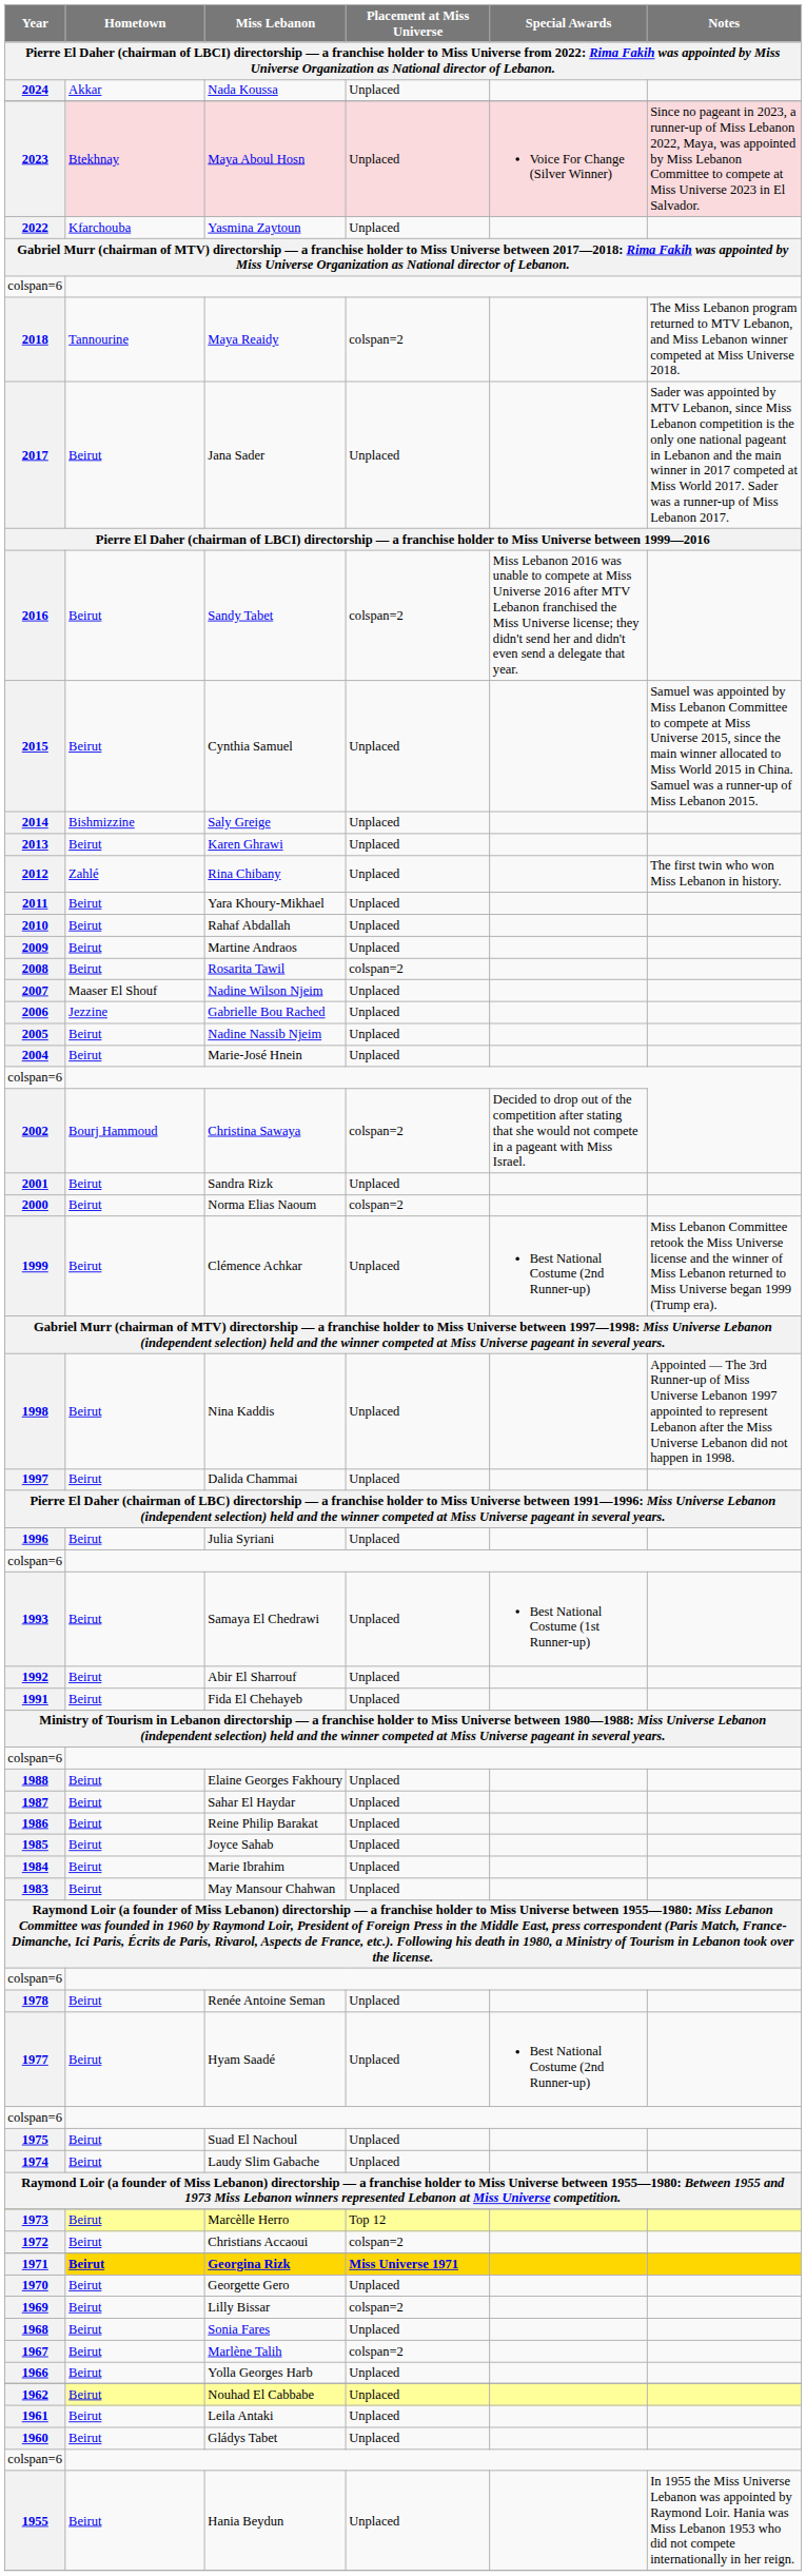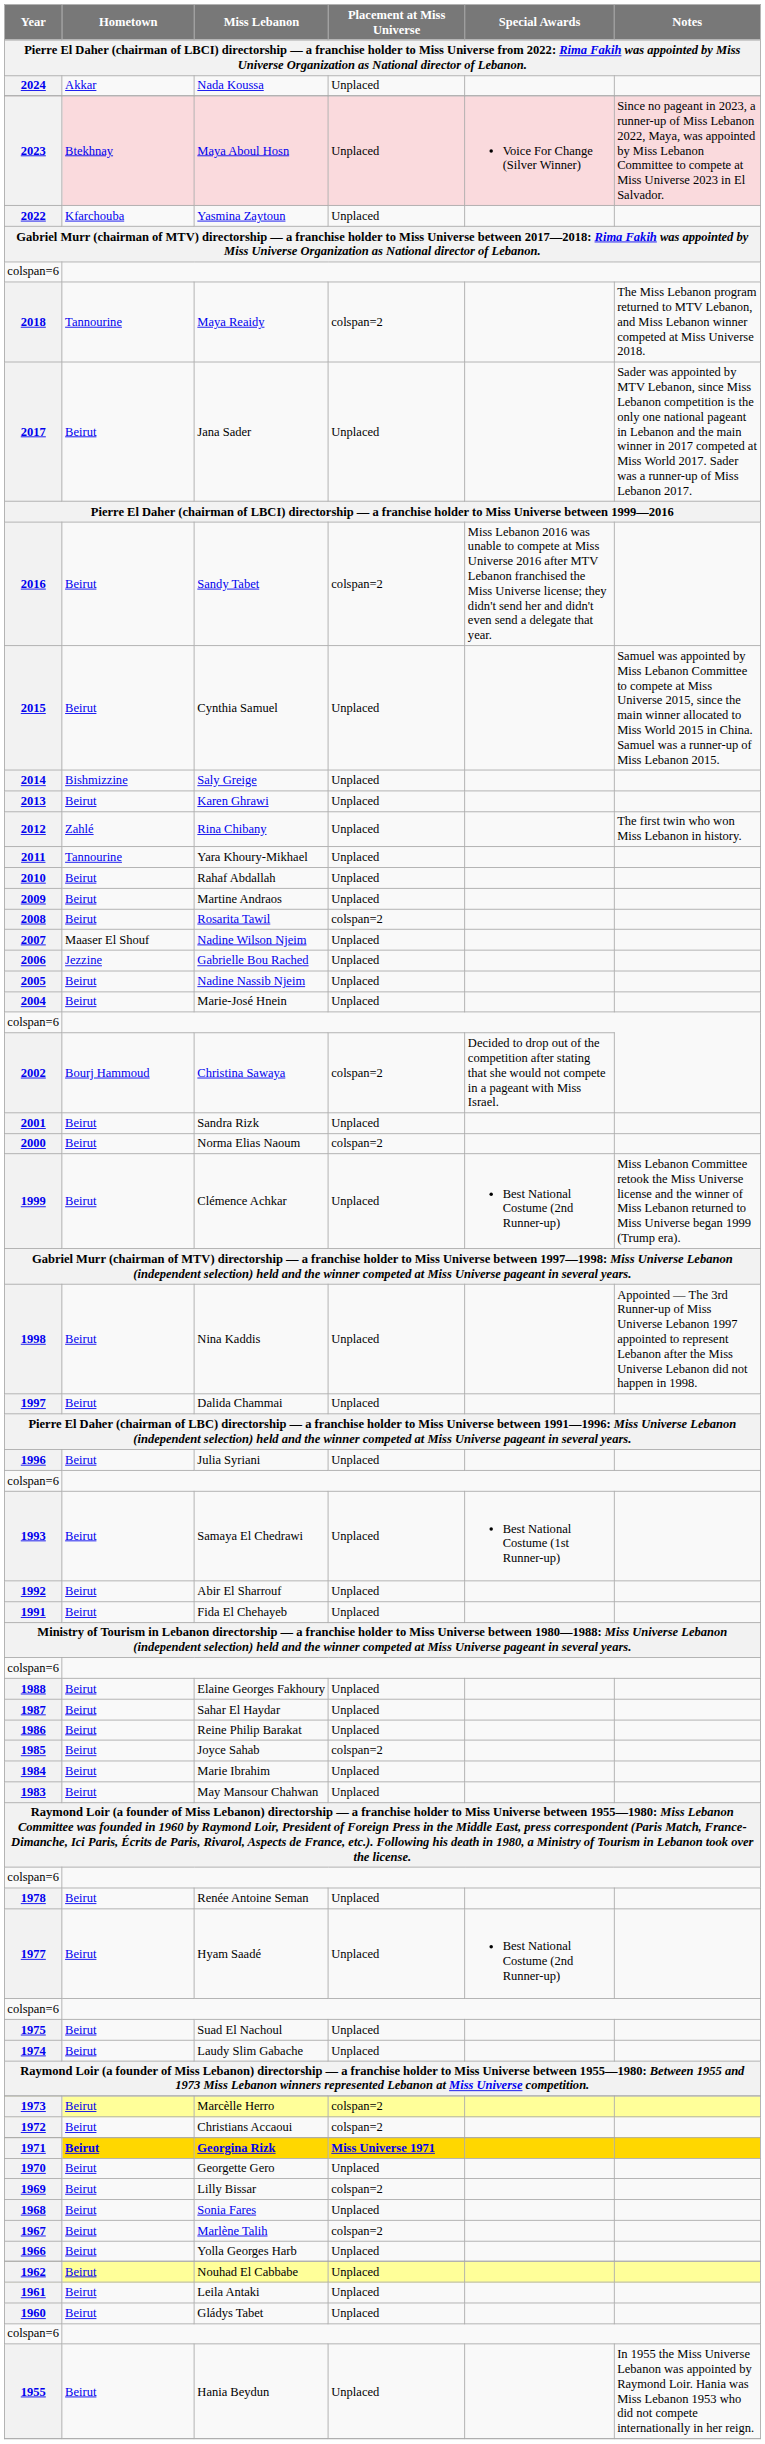 <table class="wikitable " style="font-size: 90%;">
 <tr>
 <th width="60" style="background-color:#787878;color:#FFFFFF;">Year</th>
 <th width="230" style="background-color:#787878;color:#FFFFFF;">Hometown</th>
 <th width="250" style="background-color:#787878;color:#FFFFFF;">Miss Lebanon</th>
 <th width="250" style="background-color:#787878;color:#FFFFFF;">Placement at Miss Universe</th>
 <th width="250" style="background-color:#787878;color:#FFFFFF;">Special Awards</th>
 <th width="250" style="background-color:#787878;color:#FFFFFF;">Notes</th>
 </tr>
 <tr>
 <th colspan="6">Pierre El Daher (chairman of LBCI) directorship — a franchise holder to Miss Universe from 2022: <em><a href='#'>Rima Fakih</a> was appointed by Miss Universe Organization as National director of Lebanon.</em></th>
 </tr>
 <tr>
 <th><a href='#'>2024</a></th>
 <td><a href='#'>Akkar</a></td>
 <td><a href='#'>Nada Koussa</a></td>
 <td>Unplaced</td>
 <td></td>
 <td></td>
 </tr>
 <tr>
 </tr>
 <tr style="background-color:#FADADD; ">
 <th><a href='#'>2023</a></th>
 <td><a href='#'>Btekhnay</a></td>
 <td><a href='#'>Maya Aboul Hosn</a></td>
 <td>Unplaced</td>
 <td align="left"><br><ul><li>Voice For Change (Silver Winner)</li></ul></td>
 <td>Since no pageant in 2023, a runner-up of Miss Lebanon 2022, Maya, was appointed by Miss Lebanon Committee to compete at Miss Universe 2023 in El Salvador.</td>
 </tr>
 <tr>
 <th><a href='#'>2022</a></th>
 <td><a href='#'>Kfarchouba</a></td>
 <td><a href='#'>Yasmina Zaytoun</a></td>
 <td>Unplaced</td>
 <td></td>
 <td></td>
 </tr>
 <tr>
 <th colspan="6">Gabriel Murr (chairman of MTV) directorship — a franchise holder to Miss Universe between 2017―2018: <em><a href='#'>Rima Fakih</a> was appointed by Miss Universe Organization as National director of Lebanon.</em></th>
 </tr>
 <tr>
 <td>colspan=6 </td>
 </tr>
 <tr>
 <th><a href='#'>2018</a></th>
 <td><a href='#'>Tannourine</a></td>
 <td><a href='#'>Maya Reaidy</a></td>
 <td>colspan=2 </td>
 <td></td>
 <td>The Miss Lebanon program returned to MTV Lebanon, and Miss Lebanon winner competed at Miss Universe 2018.</td>
 </tr>
 <tr>
 <th><a href='#'>2017</a></th>
 <td><a href='#'>Beirut</a></td>
 <td>Jana Sader</td>
 <td>Unplaced</td>
 <td></td>
 <td>Sader was appointed by MTV Lebanon, since Miss Lebanon competition is the only one national pageant in Lebanon and the main winner in 2017 competed at Miss World 2017. Sader was a runner-up of Miss Lebanon 2017.</td>
 </tr>
 <tr>
 <th colspan="6">Pierre El Daher (chairman of LBCI) directorship — a franchise holder to Miss Universe between 1999―2016</th>
 </tr>
 <tr>
 <th><a href='#'>2016</a></th>
 <td><a href='#'>Beirut</a></td>
 <td><a href='#'>Sandy Tabet</a></td>
 <td>colspan=2 </td>
 <td>Miss Lebanon 2016 was unable to compete at Miss Universe 2016 after MTV Lebanon franchised the Miss Universe license; they didn't send her and didn't even send a delegate that year.</td>
 </tr>
 <tr>
 <th><a href='#'>2015</a></th>
 <td><a href='#'>Beirut</a></td>
 <td>Cynthia Samuel</td>
 <td>Unplaced</td>
 <td></td>
 <td>Samuel was appointed by Miss Lebanon Committee to compete at Miss Universe 2015, since the main winner allocated to Miss World 2015 in China. Samuel was a runner-up of Miss Lebanon 2015.</td>
 </tr>
 <tr>
 <th><a href='#'>2014</a></th>
 <td><a href='#'>Bishmizzine</a></td>
 <td><a href='#'>Saly Greige</a></td>
 <td>Unplaced</td>
 <td></td>
 <td></td>
 </tr>
 <tr>
 <th><a href='#'>2013</a></th>
 <td><a href='#'>Beirut</a></td>
 <td><a href='#'>Karen Ghrawi</a></td>
 <td>Unplaced</td>
 <td></td>
 <td></td>
 </tr>
 <tr>
 <th><a href='#'>2012</a></th>
 <td><a href='#'>Zahlé</a></td>
 <td><a href='#'>Rina Chibany</a></td>
 <td>Unplaced</td>
 <td></td>
 <td>The first twin who won Miss Lebanon in history.</td>
 </tr>
 <tr>
 <th><a href='#'>2011</a></th>
-<td><a href='#'>Beirut</a></td>
+<td><a href='#'>Tannourine</a></td>
 <td>Yara Khoury-Mikhael</td>
 <td>Unplaced</td>
 <td></td>
 <td></td>
 </tr>
 <tr>
 <th><a href='#'>2010</a></th>
 <td><a href='#'>Beirut</a></td>
 <td>Rahaf Abdallah</td>
 <td>Unplaced</td>
 <td></td>
 <td></td>
 </tr>
 <tr>
 <th><a href='#'>2009</a></th>
 <td><a href='#'>Beirut</a></td>
 <td>Martine Andraos</td>
 <td>Unplaced</td>
 <td></td>
 <td></td>
 </tr>
 <tr>
 <th><a href='#'>2008</a></th>
 <td><a href='#'>Beirut</a></td>
 <td><a href='#'>Rosarita Tawil</a></td>
 <td>colspan=2 </td>
 <td></td>
 </tr>
 <tr>
 <th><a href='#'>2007</a></th>
 <td>Maaser El Shouf</td>
 <td><a href='#'>Nadine Wilson Njeim</a></td>
 <td>Unplaced</td>
 <td></td>
 <td></td>
 </tr>
 <tr>
 <th><a href='#'>2006</a></th>
 <td><a href='#'>Jezzine</a></td>
 <td><a href='#'>Gabrielle Bou Rached</a></td>
 <td>Unplaced</td>
 <td></td>
 <td></td>
 </tr>
 <tr>
 <th><a href='#'>2005</a></th>
 <td><a href='#'>Beirut</a></td>
 <td><a href='#'>Nadine Nassib Njeim</a></td>
 <td>Unplaced</td>
 <td></td>
 <td></td>
 </tr>
 <tr>
 <th><a href='#'>2004</a></th>
 <td><a href='#'>Beirut</a></td>
 <td>Marie-José Hnein</td>
 <td>Unplaced</td>
 <td></td>
 <td></td>
 </tr>
 <tr>
 <td>colspan=6 </td>
 </tr>
 <tr>
 <th><a href='#'>2002</a></th>
 <td><a href='#'>Bourj Hammoud</a></td>
 <td><a href='#'>Christina Sawaya</a></td>
 <td>colspan=2 </td>
 <td>Decided to drop out of the competition after stating that she would not compete in a pageant with Miss Israel.</td>
 </tr>
 <tr>
 <th><a href='#'>2001</a></th>
 <td><a href='#'>Beirut</a></td>
 <td>Sandra Rizk</td>
 <td>Unplaced</td>
 <td></td>
 <td></td>
 </tr>
 <tr>
 <th><a href='#'>2000</a></th>
 <td><a href='#'>Beirut</a></td>
 <td>Norma Elias Naoum</td>
 <td>colspan=2 </td>
 <td></td>
 <td></td>
 </tr>
 <tr>
 <th><a href='#'>1999</a></th>
 <td><a href='#'>Beirut</a></td>
 <td>Clémence Achkar</td>
 <td>Unplaced</td>
 <td align="left"><br><ul><li>Best National Costume (2nd Runner-up)</li></ul></td>
 <td>Miss Lebanon Committee retook the Miss Universe license and the winner of Miss Lebanon returned to Miss Universe began 1999 (Trump era).</td>
 </tr>
 <tr>
 <th colspan="6">Gabriel Murr (chairman of MTV) directorship — a franchise holder to Miss Universe between 1997―1998: <em>Miss Universe Lebanon (independent selection) held and the winner competed at Miss Universe pageant in several years.</em></th>
 </tr>
 <tr>
 <th><a href='#'>1998</a></th>
 <td><a href='#'>Beirut</a></td>
 <td>Nina Kaddis</td>
 <td>Unplaced</td>
 <td></td>
 <td>Appointed — The 3rd Runner-up of Miss Universe Lebanon 1997 appointed to represent Lebanon after the Miss Universe Lebanon did not happen in 1998.</td>
 </tr>
 <tr>
 <th><a href='#'>1997</a></th>
 <td><a href='#'>Beirut</a></td>
 <td>Dalida Chammai</td>
 <td>Unplaced</td>
 <td></td>
 <td></td>
 </tr>
 <tr>
 <th colspan="6">Pierre El Daher (chairman of LBC) directorship — a franchise holder to Miss Universe between 1991―1996: <em>Miss Universe Lebanon (independent selection) held and the winner competed at Miss Universe pageant in several years.</em></th>
 </tr>
 <tr>
 <th><a href='#'>1996</a></th>
 <td><a href='#'>Beirut</a></td>
 <td>Julia Syriani</td>
 <td>Unplaced</td>
 <td></td>
 <td></td>
 </tr>
 <tr>
 <td>colspan=6 </td>
 </tr>
 <tr>
 <th><a href='#'>1993</a></th>
 <td><a href='#'>Beirut</a></td>
 <td>Samaya El Chedrawi</td>
 <td>Unplaced</td>
 <td align="left"><br><ul><li>Best National Costume (1st Runner-up)</li></ul></td>
 <td></td>
 </tr>
 <tr>
 <th><a href='#'>1992</a></th>
 <td><a href='#'>Beirut</a></td>
 <td>Abir El Sharrouf</td>
 <td>Unplaced</td>
 <td></td>
 <td></td>
 </tr>
 <tr>
 <th><a href='#'>1991</a></th>
 <td><a href='#'>Beirut</a></td>
 <td>Fida El Chehayeb</td>
 <td>Unplaced</td>
 <td></td>
 <td></td>
 </tr>
 <tr>
 <th colspan="6">Ministry of Tourism in Lebanon directorship — a franchise holder to Miss Universe between 1980―1988: <em>Miss Universe Lebanon (independent selection) held and the winner competed at Miss Universe pageant in several years.</em></th>
 </tr>
 <tr>
 <td>colspan=6 </td>
 </tr>
 <tr>
 <th><a href='#'>1988</a></th>
 <td><a href='#'>Beirut</a></td>
 <td>Elaine Georges Fakhoury</td>
 <td>Unplaced</td>
 <td></td>
 <td></td>
 </tr>
 <tr>
 <th><a href='#'>1987</a></th>
 <td><a href='#'>Beirut</a></td>
 <td>Sahar El Haydar</td>
 <td>Unplaced</td>
 <td></td>
 <td></td>
 </tr>
 <tr>
 <th><a href='#'>1986</a></th>
 <td><a href='#'>Beirut</a></td>
 <td>Reine Philip Barakat</td>
 <td>Unplaced</td>
 <td></td>
 <td></td>
 </tr>
 <tr>
 <th><a href='#'>1985</a></th>
 <td><a href='#'>Beirut</a></td>
 <td>Joyce Sahab</td>
-<td>Unplaced</td>
+<td>colspan=2 </td>
 <td></td>
 <td></td>
 </tr>
 <tr>
 <th><a href='#'>1984</a></th>
 <td><a href='#'>Beirut</a></td>
 <td>Marie Ibrahim</td>
 <td>Unplaced</td>
 <td></td>
 <td></td>
 </tr>
 <tr>
 <th><a href='#'>1983</a></th>
 <td><a href='#'>Beirut</a></td>
 <td>May Mansour Chahwan</td>
 <td>Unplaced</td>
 <td></td>
 <td></td>
 </tr>
 <tr>
 <th colspan="6">Raymond Loir (a founder of Miss Lebanon) directorship — a franchise holder to Miss Universe between 1955―1980: <em>Miss Lebanon Committee was founded in 1960 by Raymond Loir, President of Foreign Press in the Middle East, press correspondent (Paris Match, France-Dimanche, Ici Paris, Écrits de Paris, Rivarol, Aspects de France, etc.). Following his death in 1980, a Ministry of Tourism in Lebanon took over the license.</em></th>
 </tr>
 <tr>
 <td>colspan=6 </td>
 </tr>
 <tr>
 <th><a href='#'>1978</a></th>
 <td><a href='#'>Beirut</a></td>
 <td>Renée Antoine Seman</td>
 <td>Unplaced</td>
 <td></td>
 <td></td>
 </tr>
 <tr>
 <th><a href='#'>1977</a></th>
 <td><a href='#'>Beirut</a></td>
 <td>Hyam Saadé</td>
 <td>Unplaced</td>
 <td align="left"><br><ul><li>Best National Costume (2nd Runner-up)</li></ul></td>
 <td></td>
 </tr>
 <tr>
 <td>colspan=6 </td>
 </tr>
 <tr>
 <th><a href='#'>1975</a></th>
 <td><a href='#'>Beirut</a></td>
 <td>Suad El Nachoul</td>
 <td>Unplaced</td>
 <td></td>
 <td></td>
 </tr>
 <tr>
 <th><a href='#'>1974</a></th>
 <td><a href='#'>Beirut</a></td>
 <td>Laudy Slim Gabache</td>
 <td>Unplaced</td>
 <td></td>
 <td></td>
 </tr>
 <tr>
 <th colspan="6">Raymond Loir (a founder of Miss Lebanon) directorship — a franchise holder to Miss Universe between 1955―1980: <em>Between 1955 and 1973 Miss Lebanon winners represented Lebanon at <a href='#'>Miss Universe</a> competition.</em></th>
 </tr>
 <tr>
 </tr>
 <tr style="background-color:#FFFF99;">
 <th><a href='#'>1973</a></th>
 <td><a href='#'>Beirut</a></td>
 <td>Marcèlle Herro</td>
-<td>Top 12</td>
+<td>colspan=2 </td>
 <td></td>
 <td></td>
 </tr>
 <tr>
 <th><a href='#'>1972</a></th>
 <td><a href='#'>Beirut</a></td>
 <td>Christians Accaoui</td>
 <td>colspan=2 </td>
 <td></td>
 </tr>
 <tr>
 </tr>
 <tr style="background-color:gold; font-weight: bold">
 <th><a href='#'>1971</a></th>
 <td><a href='#'>Beirut</a></td>
 <td><a href='#'>Georgina Rizk</a></td>
 <td><a href='#'>Miss Universe 1971</a></td>
 <td></td>
 <td></td>
 </tr>
 <tr>
 <th><a href='#'>1970</a></th>
 <td><a href='#'>Beirut</a></td>
 <td>Georgette Gero</td>
 <td>Unplaced</td>
 <td></td>
 <td></td>
 </tr>
 <tr>
 <th><a href='#'>1969</a></th>
 <td><a href='#'>Beirut</a></td>
 <td>Lilly Bissar</td>
 <td>colspan=2 </td>
 <td></td>
 </tr>
 <tr>
 <th><a href='#'>1968</a></th>
 <td><a href='#'>Beirut</a></td>
 <td><a href='#'>Sonia Fares</a></td>
 <td>Unplaced</td>
 <td></td>
 <td></td>
 </tr>
 <tr>
 <th><a href='#'>1967</a></th>
 <td><a href='#'>Beirut</a></td>
 <td><a href='#'>Marlène Talih</a></td>
 <td>colspan=2 </td>
 <td></td>
 </tr>
 <tr>
 <th><a href='#'>1966</a></th>
 <td><a href='#'>Beirut</a></td>
 <td>Yolla Georges Harb</td>
 <td>Unplaced</td>
 <td></td>
 <td></td>
 </tr>
 <tr>
 </tr>
 <tr style="background-color:#FFFF99;">
 <th><a href='#'>1962</a></th>
 <td><a href='#'>Beirut</a></td>
 <td>Nouhad El Cabbabe</td>
 <td>Unplaced</td>
 <td></td>
 <td></td>
 </tr>
 <tr>
 <th><a href='#'>1961</a></th>
 <td><a href='#'>Beirut</a></td>
 <td>Leila Antaki</td>
 <td>Unplaced</td>
 <td></td>
 <td></td>
 </tr>
 <tr>
 <th><a href='#'>1960</a></th>
 <td><a href='#'>Beirut</a></td>
 <td>Gládys Tabet</td>
 <td>Unplaced</td>
 <td></td>
 <td></td>
 </tr>
 <tr>
 <td>colspan=6 </td>
 </tr>
 <tr>
 <th><a href='#'>1955</a></th>
 <td><a href='#'>Beirut</a></td>
 <td>Hania Beydun</td>
 <td>Unplaced</td>
 <td></td>
 <td>In 1955 the Miss Universe Lebanon was appointed by Raymond Loir. Hania was Miss Lebanon 1953 who did not compete internationally in her reign.</td>
 </tr>
 <tr>
 </tr>
 </table>
